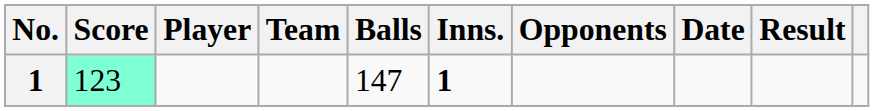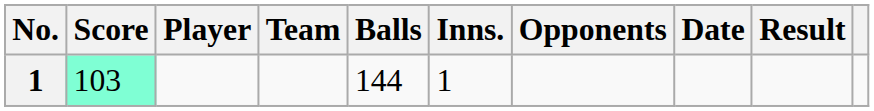 <table class="wikitable sortable plainrowheadersnt" style="font-size: 100%;">
 <tr>
 <th scope="col">No.</th>
 <th scope="col">Score</th>
 <th scope="col">Player</th>
 <th scope="col">Team</th>
 <th scope="col">Balls</th>
 <th scope="col">Inns.</th>
 <th scope="col">Opponents</th>
 <th scope="col">Date</th>
 <th scope="col">Result</th>
 <th scope="col" class="unsortable"></th>
 </tr>
 <tr>
 <th scope="row">1</th>
-<td bgcolor="#7FFFD4">123 <strong></strong></td>
+<td bgcolor="#7FFFD4">103 <strong></strong></td>
 <td></td>
 <td></td>
-<td>147</td>
-<td><strong>1</strong></td>
+<td>144</td>
+<td>1</td>
 <td></td>
 <td></td>
 <td></td>
 <td></td>
 </tr>
 </table>
